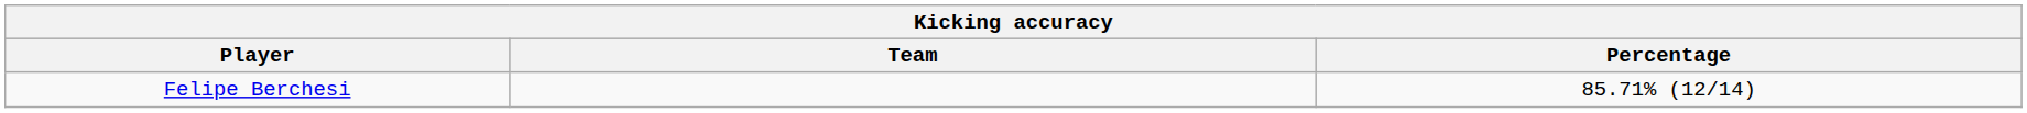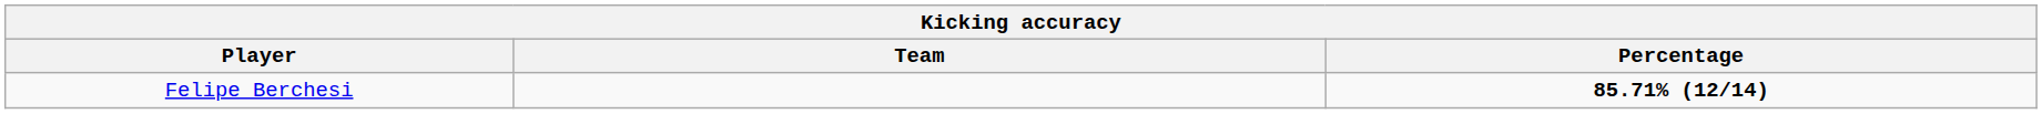 <table class="wikitable sortable collapsible" style="text-align:center;width:100%">
 <tr>
 <th colspan="100">Kicking accuracy</th>
 </tr>
 <tr>
 <th style="width:25%">Player</th>
 <th style="width:40%">Team</th>
 <th style="width:35%">Percentage</th>
 </tr>
 <tr>
 <td><a href='#'>Felipe Berchesi</a></td>
 <td align=left></td>
-<td>85.71% (12/14)</td>
+<td><strong>85.71% (12/14)</strong></td>
 </tr>
 </table>
